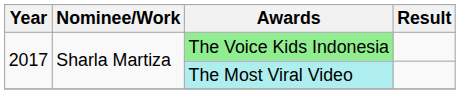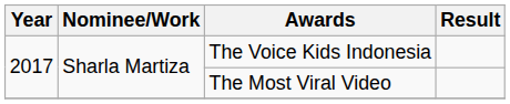 <table class="wikitable">
 <tr>
 <th>Year</th>
 <th>Nominee/Work</th>
 <th>Awards</th>
 <th>Result</th>
 </tr>
 <tr>
 <td rowspan="2">2017</td>
 <td rowspan="2">Sharla Martiza</td>
-<td style="background: lightgreen;">The Voice Kids Indonesia</td>
+<td>The Voice Kids Indonesia</td>
 <td></td>
 </tr>
 <tr>
-<td style="background: paleturquoise;">The Most Viral Video</td>
+<td>The Most Viral Video</td>
 <td></td>
 </tr>
 <tr>
 </tr>
 </table>
